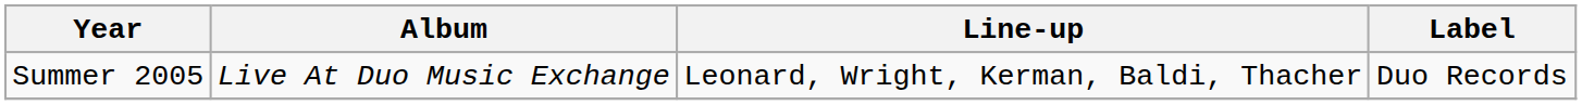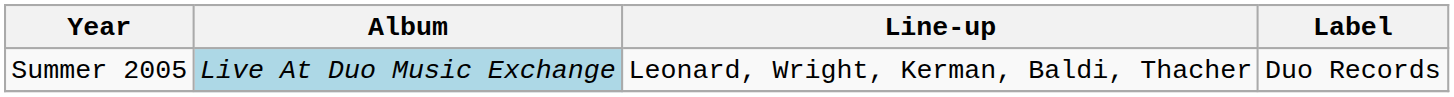 <table class="wikitable">
 <tr>
 <th align="center" valign="top"><strong>Year</strong></th>
 <th align="center" valign="top"><strong>Album</strong></th>
 <th align="center" valign="top"><strong>Line-up</strong></th>
 <th align="center" valign="top"><strong>Label</strong></th>
 </tr>
 <tr>
 <td align="center" valign="middle">Summer 2005</td>
-<td align="center" valign="middle"><em>Live At Duo Music Exchange</em></td>
+<td align="center" valign="middle" style="background: lightblue;"><em>Live At Duo Music Exchange</em></td>
 <td align="center" valign="middle">Leonard, Wright, Kerman, Baldi, Thacher</td>
 <td align="center" valign="middle">Duo Records</td>
 </tr>
 <tr>
 </tr>
 </table>
